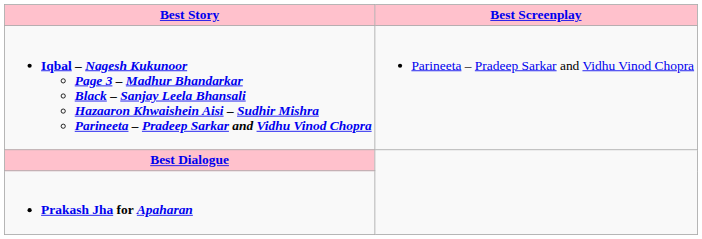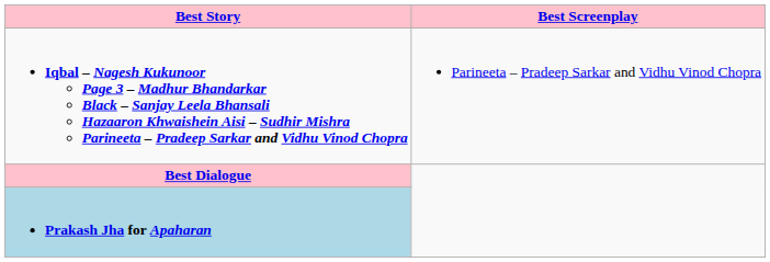 <table class=wikitable style="width=150%">
 <tr>
 <th style="background:#FFC1CC;" ! style="width=50%"><a href='#'>Best Story</a></th>
 <th style="background:#FFC1CC;" ! style="width=50%"><a href='#'>Best Screenplay</a></th>
 </tr>
 <tr>
 <td valign="top"><br><ul><li><strong><a href='#'>Iqbal</a> – <em><a href='#'>Nagesh Kukunoor</a><strong><em><ul><li><a href='#'>Page 3</a> – <a href='#'>Madhur Bhandarkar</a></li><li><a href='#'>Black</a> – <a href='#'>Sanjay Leela Bhansali</a></li><li><a href='#'>Hazaaron Khwaishein Aisi</a> – <a href='#'>Sudhir Mishra</a></li><li><a href='#'>Parineeta</a> – <a href='#'>Pradeep Sarkar</a> and <a href='#'>Vidhu Vinod Chopra</a></li></ul></li></ul></td>
 <td valign="top"><br><ul><li></strong><a href='#'>Parineeta</a> – </em><a href='#'>Pradeep Sarkar</a> and <a href='#'>Vidhu Vinod Chopra</a></em></strong></li></ul></td>
 </tr>
 <tr>
 <th style="background:#FFC1CC;" ! style="width=50%"><a href='#'>Best Dialogue</a></th>
 </tr>
 <tr>
-<td valign="top"><br><ul><li><strong><a href='#'>Prakash Jha</a> for <em><a href='#'>Apaharan</a><strong><em></li></ul></td>
+<td valign="top" style="background: lightblue;"><br><ul><li><strong><a href='#'>Prakash Jha</a> for <em><a href='#'>Apaharan</a><strong><em></li></ul></td>
 </tr>
 </table>
